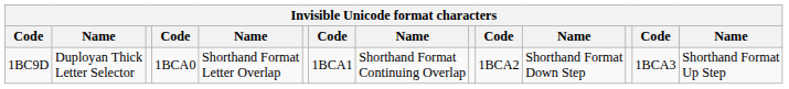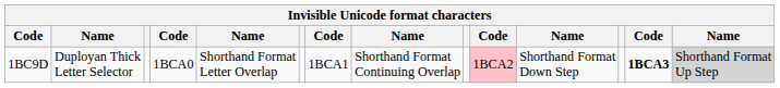 <table class="wikitable" style="margin:0px;">
 <tr>
 <th colspan="14">Invisible Unicode format characters</th>
 </tr>
 <tr>
 <th>Code</th>
 <th>Name</th>
 <th></th>
 <th>Code</th>
 <th>Name</th>
 <th></th>
 <th>Code</th>
 <th>Name</th>
 <th></th>
 <th>Code</th>
 <th>Name</th>
 <th></th>
 <th>Code</th>
 <th>Name</th>
 </tr>
 <tr>
 <td>1BC9D</td>
 <td>Duployan Thick<br>Letter Selector</td>
 <td></td>
 <td>1BCA0</td>
 <td>Shorthand Format<br>Letter Overlap</td>
 <td></td>
 <td>1BCA1</td>
 <td>Shorthand Format<br>Continuing Overlap</td>
 <td></td>
-<td>1BCA2</td>
+<td style="background: pink;">1BCA2</td>
 <td>Shorthand Format<br>Down Step</td>
 <td></td>
-<td>1BCA3</td>
-<td>Shorthand Format<br>Up Step</td>
+<td><strong>1BCA3</strong></td>
+<td style="background: lightgrey;">Shorthand Format<br>Up Step</td>
 </tr>
 </table>
